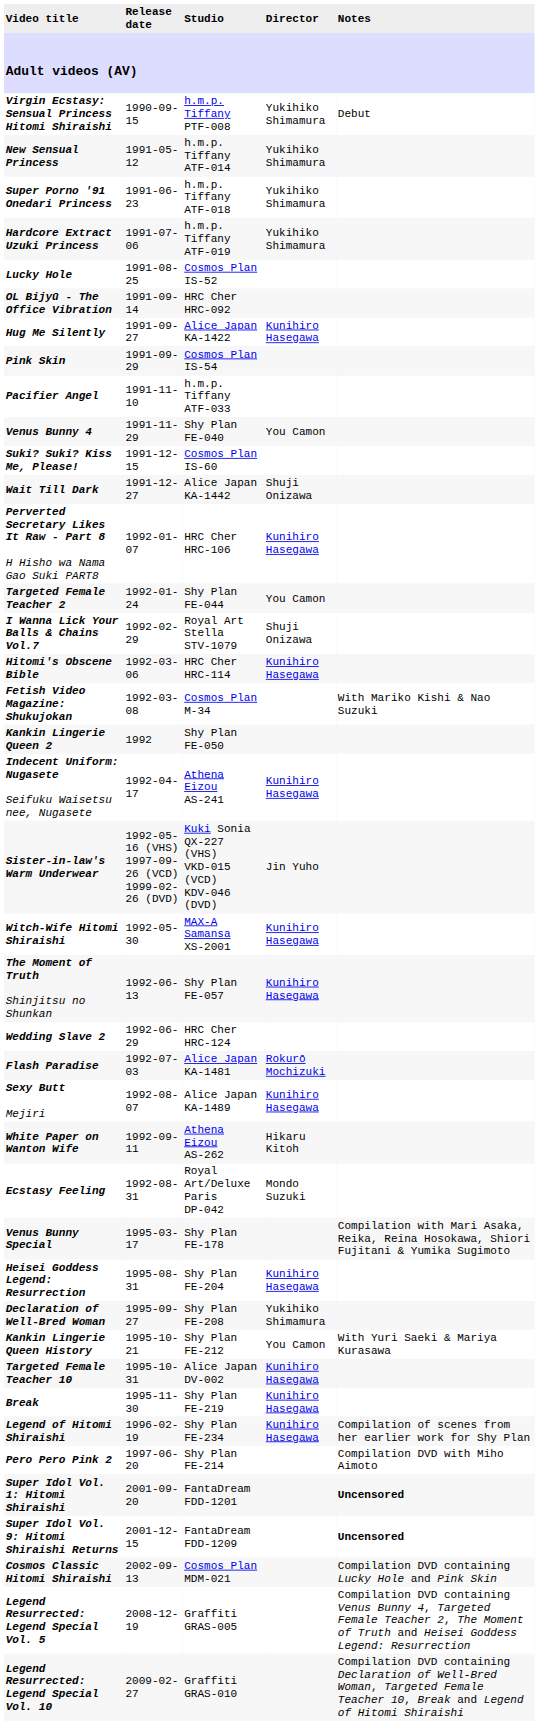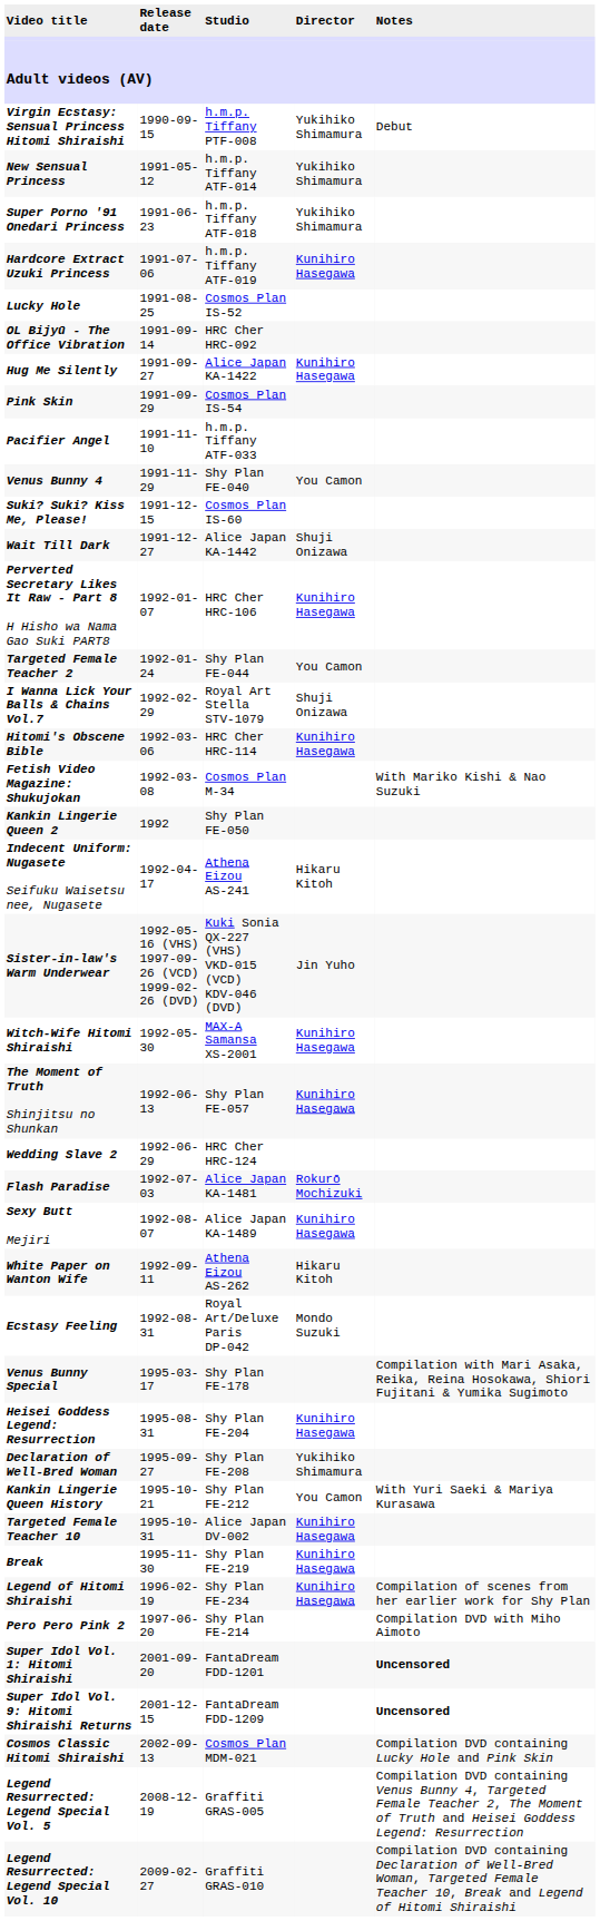 <table cellpadding=2 style="width:100%; text-align:left; border-width:0px; border-collapse:collapse; background:#eee;">
 <tr>
 <th>Video title</th>
 <th>Release date</th>
 <th>Studio</th>
 <th>Director</th>
 <th>Notes</th>
 </tr>
 <tr>
 <td colspan=6 style=background-color:#ddf;></td>
 </tr>
 <tr>
 <td colspan=6 style=background-color:#ddf;><br><h3>Adult videos (AV)</h3></td>
 </tr>
 <tr style=background:#fff;>
 <td><strong><em>Virgin Ecstasy: Sensual Princess Hitomi Shiraishi</em></strong><br></td>
 <td>1990-09-15</td>
 <td><a href='#'>h.m.p. Tiffany</a><br>PTF-008</td>
 <td>Yukihiko Shimamura</td>
 <td>Debut</td>
 </tr>
 <tr style=background:#f7f7f7;>
 <td><strong><em>New Sensual Princess</em></strong><br></td>
 <td>1991-05-12</td>
 <td>h.m.p. Tiffany<br>ATF-014</td>
 <td>Yukihiko Shimamura</td>
 <td></td>
 </tr>
 <tr style=background:#fff;>
 <td><strong><em>Super Porno '91 Onedari Princess</em></strong><br></td>
 <td>1991-06-23</td>
 <td>h.m.p. Tiffany<br>ATF-018</td>
 <td>Yukihiko Shimamura</td>
 <td></td>
 </tr>
 <tr style=background:#f7f7f7;>
 <td><strong><em>Hardcore Extract Uzuki Princess</em></strong><br></td>
 <td>1991-07-06</td>
 <td>h.m.p. Tiffany<br>ATF-019</td>
-<td>Yukihiko Shimamura</td>
+<td><a href='#'>Kunihiro Hasegawa</a></td>
 <td></td>
 </tr>
 <tr style=background:#fff;>
 <td><strong><em>Lucky Hole</em></strong><br></td>
 <td>1991-08-25</td>
 <td><a href='#'>Cosmos Plan</a><br>IS-52</td>
 <td></td>
 <td></td>
 </tr>
 <tr style=background:#f7f7f7;>
 <td><strong><em>OL Bijyū - The Office Vibration</em></strong><br></td>
 <td>1991-09-14</td>
 <td>HRC Cher<br>HRC-092</td>
 <td></td>
 <td></td>
 </tr>
 <tr style=background:#fff;>
 <td><strong><em>Hug Me Silently</em></strong><br></td>
 <td>1991-09-27</td>
 <td><a href='#'>Alice Japan</a><br>KA-1422</td>
 <td><a href='#'>Kunihiro Hasegawa</a></td>
 <td></td>
 </tr>
 <tr style=background:#f7f7f7;>
 <td><strong><em>Pink Skin</em></strong><br></td>
 <td>1991-09-29</td>
 <td><a href='#'>Cosmos Plan</a><br>IS-54</td>
 <td></td>
 <td></td>
 </tr>
 <tr style=background:#fff;>
 <td><strong><em>Pacifier Angel</em></strong><br></td>
 <td>1991-11-10</td>
 <td>h.m.p. Tiffany<br>ATF-033</td>
 <td></td>
 <td></td>
 </tr>
 <tr style=background:#f7f7f7;>
 <td><strong><em>Venus Bunny 4</em></strong><br></td>
 <td>1991-11-29</td>
 <td>Shy Plan<br>FE-040</td>
 <td>You Camon</td>
 <td></td>
 </tr>
 <tr style=background:#fff;>
 <td><strong><em>Suki? Suki? Kiss Me, Please!</em></strong><br></td>
 <td>1991-12-15</td>
 <td><a href='#'>Cosmos Plan</a><br>IS-60</td>
 <td></td>
 <td></td>
 </tr>
 <tr style=background:#f7f7f7;>
 <td><strong><em>Wait Till Dark</em></strong><br></td>
 <td>1991-12-27</td>
 <td>Alice Japan<br>KA-1442</td>
 <td>Shuji Onizawa</td>
 <td></td>
 </tr>
 <tr style=background:#fff;>
 <td><strong><em>Perverted Secretary Likes It Raw - Part 8</em></strong><br><br><em>H Hisho wa Nama Gao Suki PART8</em></td>
 <td>1992-01-07</td>
 <td>HRC Cher<br>HRC-106</td>
 <td><a href='#'>Kunihiro Hasegawa</a></td>
 <td></td>
 </tr>
 <tr style=background:#f7f7f7;>
 <td><strong><em>Targeted Female Teacher 2</em></strong><br></td>
 <td>1992-01-24</td>
 <td>Shy Plan<br>FE-044</td>
 <td>You Camon</td>
 <td></td>
 </tr>
 <tr style=background:#fff;>
 <td><strong><em>I Wanna Lick Your Balls & Chains Vol.7</em></strong><br></td>
 <td>1992-02-29</td>
 <td>Royal Art Stella<br>STV-1079</td>
 <td>Shuji Onizawa</td>
 <td></td>
 </tr>
 <tr style=background:#f7f7f7;>
 <td><strong><em>Hitomi's Obscene Bible</em></strong><br></td>
 <td>1992-03-06</td>
 <td>HRC Cher<br>HRC-114</td>
 <td><a href='#'>Kunihiro Hasegawa</a></td>
 <td></td>
 </tr>
 <tr style=background:#fff;>
 <td><strong><em>Fetish Video Magazine: Shukujokan</em></strong><br></td>
 <td>1992-03-08</td>
 <td><a href='#'>Cosmos Plan</a><br>M-34</td>
 <td></td>
 <td>With Mariko Kishi & Nao Suzuki</td>
 </tr>
 <tr style=background:#f7f7f7;>
 <td><strong><em>Kankin Lingerie Queen 2</em></strong><br></td>
 <td>1992</td>
 <td>Shy Plan<br>FE-050</td>
 <td></td>
 <td></td>
 </tr>
 <tr style=background:#fff;>
 <td><strong><em>Indecent Uniform: Nugasete</em></strong><br><br><em>Seifuku Waisetsu nee, Nugasete</em></td>
 <td>1992-04-17</td>
 <td><a href='#'>Athena Eizou</a><br>AS-241</td>
-<td><a href='#'>Kunihiro Hasegawa</a></td>
+<td>Hikaru Kitoh</td>
 <td></td>
 </tr>
 <tr style=background:#f7f7f7;>
 <td><strong><em>Sister-in-law's Warm Underwear</em></strong><br></td>
 <td>1992-05-16 (VHS)<br>1997-09-26 (VCD)<br>1999-02-26 (DVD)</td>
 <td><a href='#'>Kuki</a> Sonia<br>QX-227 (VHS)<br>VKD-015 (VCD)<br>KDV-046 (DVD)</td>
 <td>Jin Yuho</td>
 <td></td>
 </tr>
 <tr style=background:#fff;>
 <td><strong><em>Witch-Wife Hitomi Shiraishi</em></strong><br></td>
 <td>1992-05-30</td>
 <td><a href='#'>MAX-A Samansa</a><br>XS-2001</td>
 <td><a href='#'>Kunihiro Hasegawa</a></td>
 <td></td>
 </tr>
 <tr style=background:#f7f7f7;>
 <td><strong><em>The Moment of Truth</em></strong><br><br><em>Shinjitsu no Shunkan</em></td>
 <td>1992-06-13</td>
 <td>Shy Plan<br>FE-057</td>
 <td><a href='#'>Kunihiro Hasegawa</a></td>
 <td></td>
 </tr>
 <tr style=background:#fff;>
 <td><strong><em>Wedding Slave 2</em></strong><br></td>
 <td>1992-06-29</td>
 <td>HRC Cher<br>HRC-124</td>
 <td></td>
 <td></td>
 </tr>
 <tr style=background:#f7f7f7;>
 <td><strong><em>Flash Paradise</em></strong><br></td>
 <td>1992-07-03</td>
 <td><a href='#'>Alice Japan</a><br>KA-1481</td>
 <td><a href='#'>Rokurō Mochizuki</a></td>
 <td></td>
 </tr>
 <tr style=background:#fff;>
 <td><strong><em>Sexy Butt</em></strong><br><br><em>Mejiri</em></td>
 <td>1992-08-07</td>
 <td>Alice Japan<br>KA-1489</td>
 <td><a href='#'>Kunihiro Hasegawa</a></td>
 <td></td>
 </tr>
 <tr style=background:#f7f7f7;>
 <td><strong><em>White Paper on Wanton Wife</em></strong><br></td>
 <td>1992-09-11</td>
 <td><a href='#'>Athena Eizou</a><br>AS-262</td>
 <td>Hikaru Kitoh</td>
 <td></td>
 </tr>
 <tr style=background:#fff;>
 <td><strong><em>Ecstasy Feeling</em></strong><br></td>
 <td>1992-08-31</td>
 <td>Royal Art/Deluxe Paris<br>DP-042</td>
 <td>Mondo Suzuki</td>
 <td></td>
 </tr>
 <tr style=background:#f7f7f7;>
 <td><strong><em>Venus Bunny Special</em></strong><br></td>
 <td>1995-03-17</td>
 <td>Shy Plan<br>FE-178</td>
 <td></td>
 <td>Compilation with Mari Asaka, Reika, Reina Hosokawa, Shiori Fujitani & Yumika Sugimoto</td>
 </tr>
 <tr style=background:#fff;>
 <td><strong><em>Heisei Goddess Legend: Resurrection</em></strong><br></td>
 <td>1995-08-31</td>
 <td>Shy Plan<br>FE-204</td>
 <td><a href='#'>Kunihiro Hasegawa</a></td>
 <td></td>
 </tr>
 <tr style=background:#f7f7f7;>
 <td><strong><em>Declaration of Well-Bred Woman</em></strong><br></td>
 <td>1995-09-27</td>
 <td>Shy Plan<br>FE-208</td>
 <td>Yukihiko Shimamura</td>
 <td></td>
 </tr>
 <tr style=background:#fff;>
 <td><strong><em>Kankin Lingerie Queen History</em></strong><br></td>
 <td>1995-10-21</td>
 <td>Shy Plan<br>FE-212</td>
 <td>You Camon</td>
 <td>With Yuri Saeki & Mariya Kurasawa</td>
 </tr>
 <tr style=background:#f7f7f7;>
 <td><strong><em>Targeted Female Teacher 10</em></strong><br></td>
 <td>1995-10-31</td>
 <td>Alice Japan<br>DV-002</td>
 <td><a href='#'>Kunihiro Hasegawa</a></td>
 <td></td>
 </tr>
 <tr style=background:#fff;>
 <td><strong><em>Break</em></strong></td>
 <td>1995-11-30</td>
 <td>Shy Plan<br>FE-219</td>
 <td><a href='#'>Kunihiro Hasegawa</a></td>
 <td></td>
 </tr>
 <tr style=background:#f7f7f7;>
 <td><strong><em>Legend of Hitomi Shiraishi</em></strong><br></td>
 <td>1996-02-19</td>
 <td>Shy Plan<br>FE-234</td>
 <td><a href='#'>Kunihiro Hasegawa</a></td>
 <td>Compilation of scenes from her earlier work for Shy Plan</td>
 </tr>
 <tr style=background:#fff;>
 <td><strong><em>Pero Pero Pink 2</em></strong><br></td>
 <td>1997-06-20</td>
 <td>Shy Plan<br>FE-214</td>
 <td></td>
 <td>Compilation DVD with Miho Aimoto</td>
 </tr>
 <tr style=background:#f7f7f7;>
 <td><strong><em>Super Idol Vol. 1: Hitomi Shiraishi</em></strong></td>
 <td>2001-09-20</td>
 <td>FantaDream<br>FDD-1201</td>
 <td></td>
 <td><strong>Uncensored</strong></td>
 </tr>
 <tr style=background:#fff;>
 <td><strong><em>Super Idol Vol. 9: Hitomi Shiraishi Returns</em></strong></td>
 <td>2001-12-15</td>
 <td>FantaDream<br>FDD-1209</td>
 <td></td>
 <td><strong>Uncensored</strong></td>
 </tr>
 <tr style=background:#f7f7f7;>
 <td><strong><em>Cosmos Classic Hitomi Shiraishi</em></strong><br></td>
 <td>2002-09-13</td>
 <td><a href='#'>Cosmos Plan</a><br>MDM-021</td>
 <td></td>
 <td>Compilation DVD containing <em>Lucky Hole</em> and <em>Pink Skin</em></td>
 </tr>
 <tr style=background:#fff;>
 <td><strong><em>Legend Resurrected: Legend Special Vol. 5</em></strong><br></td>
 <td>2008-12-19</td>
 <td>Graffiti<br>GRAS-005</td>
 <td></td>
 <td>Compilation DVD containing <em>Venus Bunny 4</em>, <em>Targeted Female Teacher 2</em>, <em>The Moment of Truth</em> and <em>Heisei Goddess Legend: Resurrection</em></td>
 </tr>
 <tr style=background:#f7f7f7;>
 <td><strong><em>Legend Resurrected: Legend Special Vol. 10</em></strong><br></td>
 <td>2009-02-27</td>
 <td>Graffiti<br>GRAS-010</td>
 <td></td>
 <td>Compilation DVD containing <em>Declaration of Well-Bred Woman</em>, <em>Targeted Female Teacher 10</em>, <em>Break</em> and <em>Legend of Hitomi Shiraishi</td>
 </tr>
 </table>
